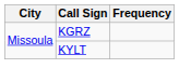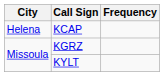 <table class="wikitable">
 <tr>
 <th scope="col">City</th>
 <th scope="col">Call Sign</th>
 <th scope="col">Frequency</th>
+</tr>
+<tr>
+<td><a href='#'>Helena</a></td>
+<td><a href='#'>KCAP</a></td>
+<td></td>
 </tr>
 <tr>
 <td rowspan=2><a href='#'>Missoula</a></td>
 <td><a href='#'>KGRZ</a></td>
 <td></td>
 </tr>
 <tr>
 <td><a href='#'>KYLT</a></td>
 <td></td>
 </tr>
 </table>
